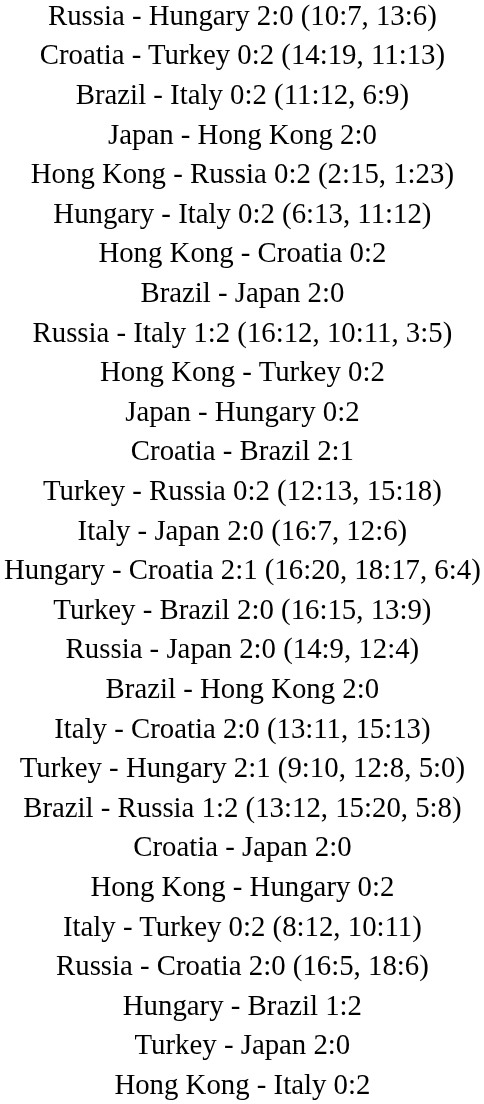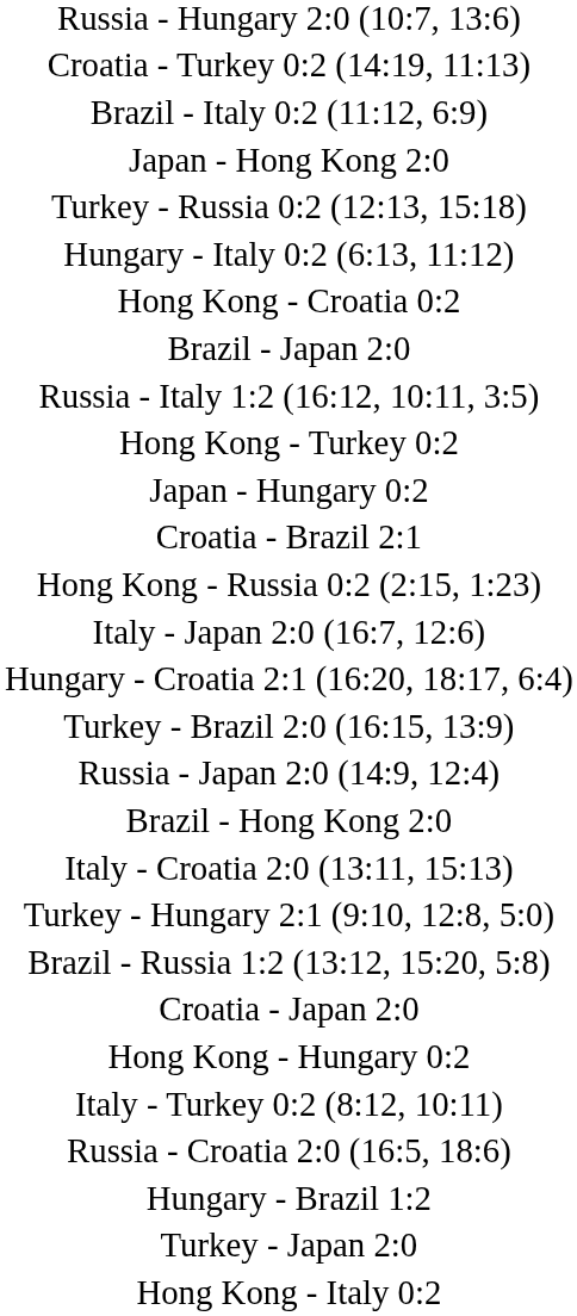 <table style="text-align:center">
 <tr>
 <th width=500></th>
 </tr>
 <tr>
 <td>Russia - Hungary 2:0 (10:7, 13:6)</td>
 </tr>
 <tr>
 <td>Croatia - Turkey 0:2 (14:19, 11:13)</td>
 </tr>
 <tr>
 <td>Brazil - Italy 0:2 (11:12, 6:9)</td>
 </tr>
 <tr>
 <td>Japan - Hong Kong 2:0</td>
 </tr>
 <tr>
-<td>Hong Kong - Russia 0:2 (2:15, 1:23)</td>
+<td>Turkey - Russia 0:2 (12:13, 15:18)</td>
 </tr>
 <tr>
 <td>Hungary - Italy 0:2 (6:13, 11:12)</td>
 </tr>
 <tr>
 <td>Hong Kong - Croatia 0:2</td>
 </tr>
 <tr>
 <td>Brazil - Japan 2:0</td>
 </tr>
 <tr>
 <td>Russia - Italy 1:2 (16:12, 10:11, 3:5)</td>
 </tr>
 <tr>
 <td>Hong Kong - Turkey 0:2</td>
 </tr>
 <tr>
 <td>Japan - Hungary 0:2</td>
 </tr>
 <tr>
 <td>Croatia - Brazil 2:1</td>
 </tr>
 <tr>
-<td>Turkey - Russia 0:2 (12:13, 15:18)</td>
+<td>Hong Kong - Russia 0:2 (2:15, 1:23)</td>
 </tr>
 <tr>
 <td>Italy - Japan 2:0 (16:7, 12:6)</td>
 </tr>
 <tr>
 <td>Hungary - Croatia 2:1 (16:20, 18:17, 6:4)</td>
 </tr>
 <tr>
 <td>Turkey - Brazil 2:0 (16:15, 13:9)</td>
 </tr>
 <tr>
 <td>Russia - Japan 2:0 (14:9, 12:4)</td>
 </tr>
 <tr>
 <td>Brazil - Hong Kong 2:0</td>
 </tr>
 <tr>
 <td>Italy - Croatia 2:0 (13:11, 15:13)</td>
 </tr>
 <tr>
 <td>Turkey - Hungary 2:1 (9:10, 12:8, 5:0)</td>
 </tr>
 <tr>
 <td>Brazil - Russia 1:2 (13:12, 15:20, 5:8)</td>
 </tr>
 <tr>
 <td>Croatia - Japan 2:0</td>
 </tr>
 <tr>
 <td>Hong Kong - Hungary 0:2</td>
 </tr>
 <tr>
 <td>Italy - Turkey 0:2 (8:12, 10:11)</td>
 </tr>
 <tr>
 <td>Russia - Croatia 2:0 (16:5, 18:6)</td>
 </tr>
 <tr>
 <td>Hungary - Brazil 1:2</td>
 </tr>
 <tr>
 <td>Turkey - Japan 2:0</td>
 </tr>
 <tr>
 <td>Hong Kong - Italy 0:2</td>
 </tr>
 <tr>
 </tr>
 </table>
